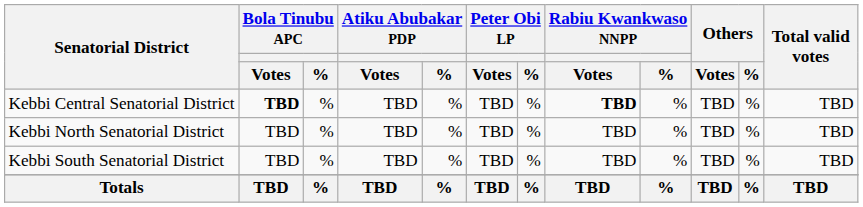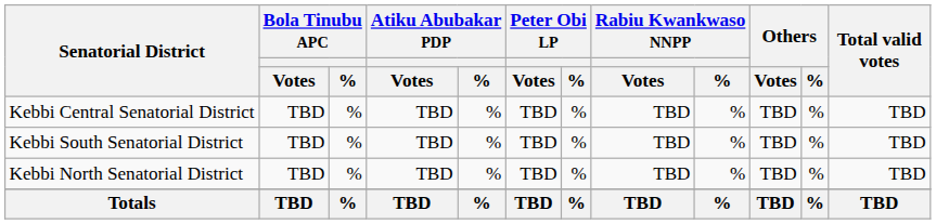 <table class="wikitable sortable" style="text-align:right; font-size:90%">
 <tr>
 <th rowspan="3" style="max-width:7.5em;">Senatorial District</th>
 <th colspan="2"><a href='#'>Bola Tinubu</a><br><small>APC</small></th>
 <th colspan="2"><a href='#'>Atiku Abubakar</a><br><small>PDP</small></th>
 <th colspan="2"><a href='#'>Peter Obi</a><br><small>LP</small></th>
 <th colspan="2"><a href='#'>Rabiu Kwankwaso</a><br><small>NNPP</small></th>
 <th colspan="2" rowspan="2">Others</th>
 <th rowspan="3" style="max-width:5em;">Total valid votes</th>
 </tr>
 <tr>
 <th colspan=2 style="background-color:"></th>
 <th colspan=2 style="background-color:"></th>
 <th colspan=2 style="background-color:"></th>
 <th colspan=2 style="background-color:"></th>
 </tr>
 <tr>
 <th>Votes</th>
 <th>%</th>
 <th>Votes</th>
 <th>%</th>
 <th>Votes</th>
 <th>%</th>
 <th>Votes</th>
 <th>%</th>
 <th>Votes</th>
 <th>%</th>
 </tr>
 <tr style="background-color:#">
 <td style="text-align:left;">Kebbi Central Senatorial District</td>
-<td><strong>TBD</strong></td>
-<td>%</td>
-<td>TBD</td>
-<td>%</td>
-<td>TBD</td>
-<td>%</td>
-<td><strong>TBD</strong></td>
-<td>%</td>
-<td>TBD</td>
-<td>%</td>
-<td>TBD</td>
-</tr>
-<tr style="background-color:#">
-<td style="text-align:left;">Kebbi North Senatorial District</td>
 <td>TBD</td>
 <td>%</td>
 <td>TBD</td>
 <td>%</td>
 <td>TBD</td>
 <td>%</td>
 <td>TBD</td>
 <td>%</td>
 <td>TBD</td>
 <td>%</td>
 <td>TBD</td>
 </tr>
 <tr style="background-color:#">
 <td style="text-align:left;">Kebbi South Senatorial District</td>
+<td>TBD</td>
+<td>%</td>
+<td>TBD</td>
+<td>%</td>
+<td>TBD</td>
+<td>%</td>
+<td>TBD</td>
+<td>%</td>
+<td>TBD</td>
+<td>%</td>
+<td>TBD</td>
+</tr>
+<tr style="background-color:#">
+<td style="text-align:left;">Kebbi North Senatorial District</td>
 <td>TBD</td>
 <td>%</td>
 <td>TBD</td>
 <td>%</td>
 <td>TBD</td>
 <td>%</td>
 <td>TBD</td>
 <td>%</td>
 <td>TBD</td>
 <td>%</td>
 <td>TBD</td>
 </tr>
 <tr>
 </tr>
 <tr>
 <th>Totals</th>
 <th>TBD</th>
 <th>%</th>
 <th>TBD</th>
 <th>%</th>
 <th>TBD</th>
 <th>%</th>
 <th>TBD</th>
 <th>%</th>
 <th>TBD</th>
 <th>%</th>
 <th>TBD</th>
 </tr>
 </table>
